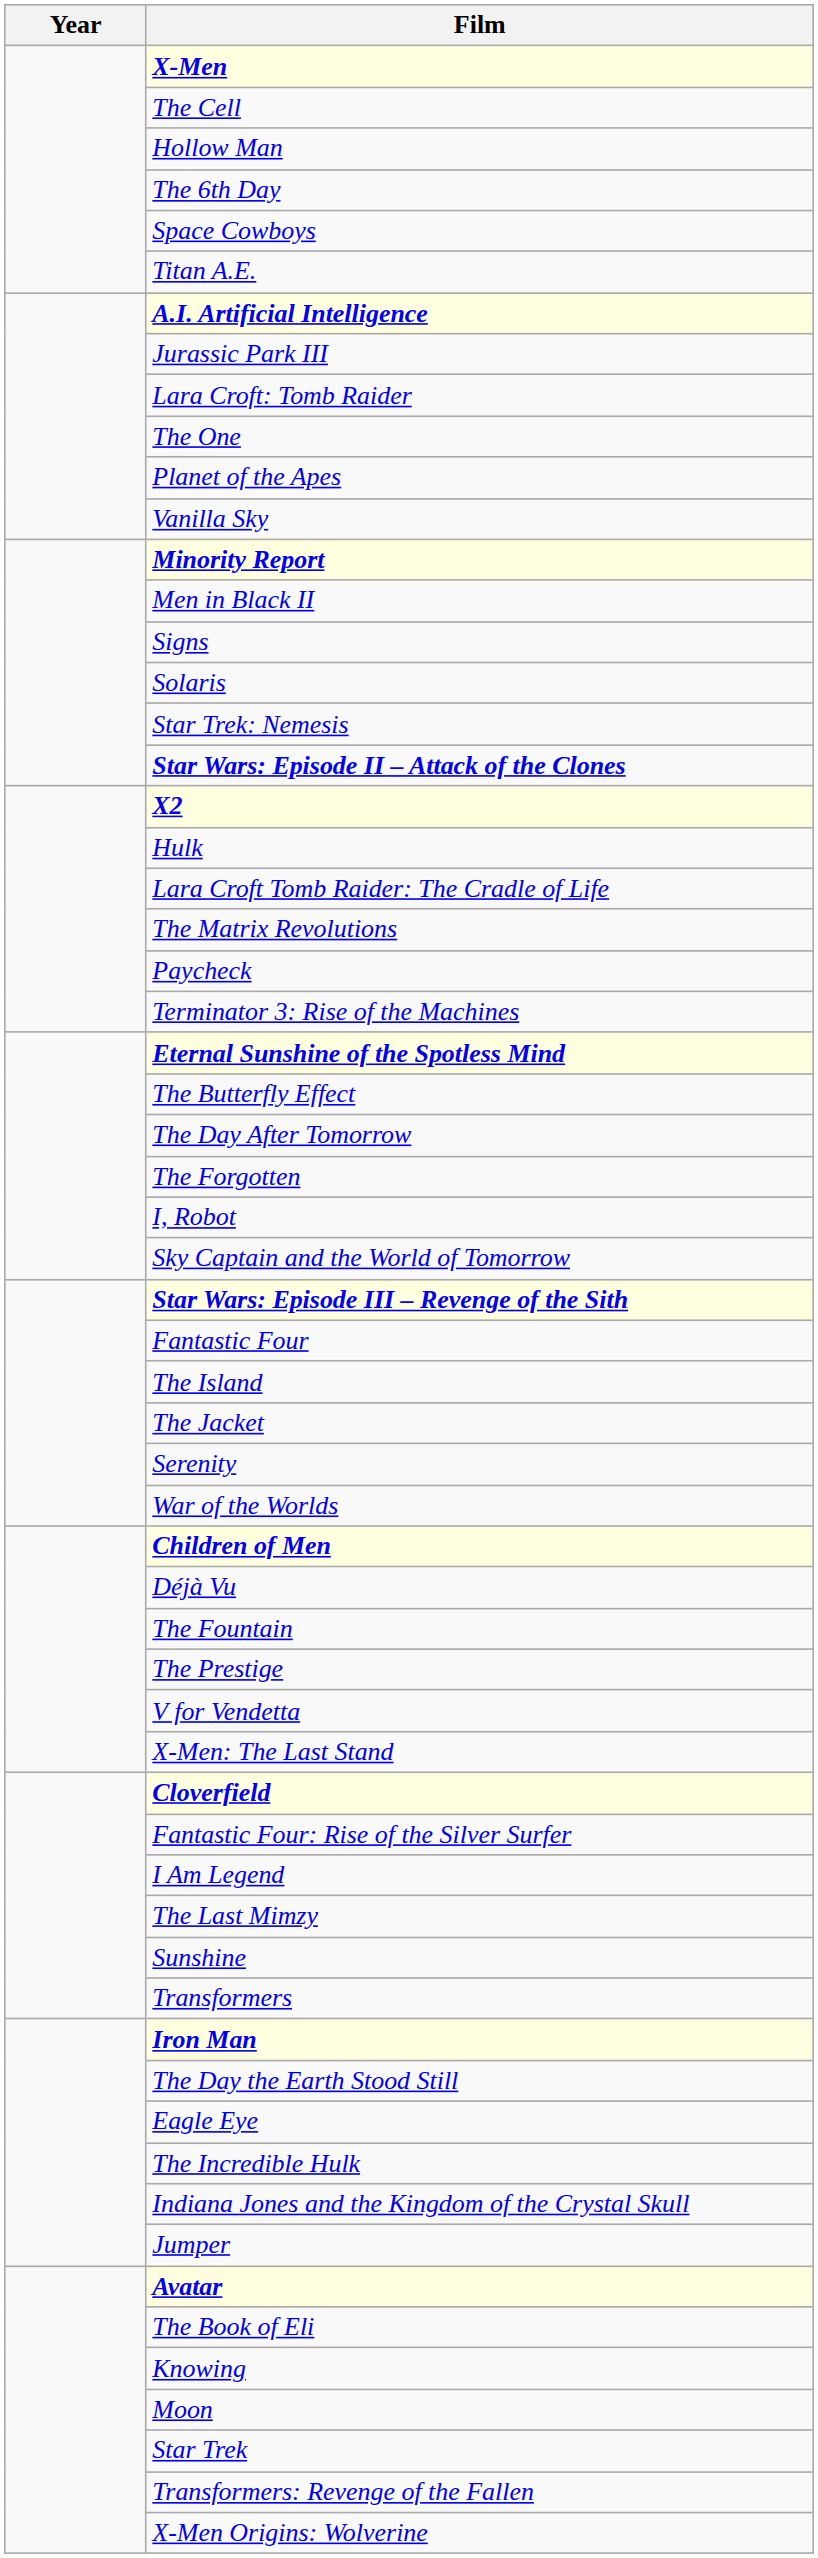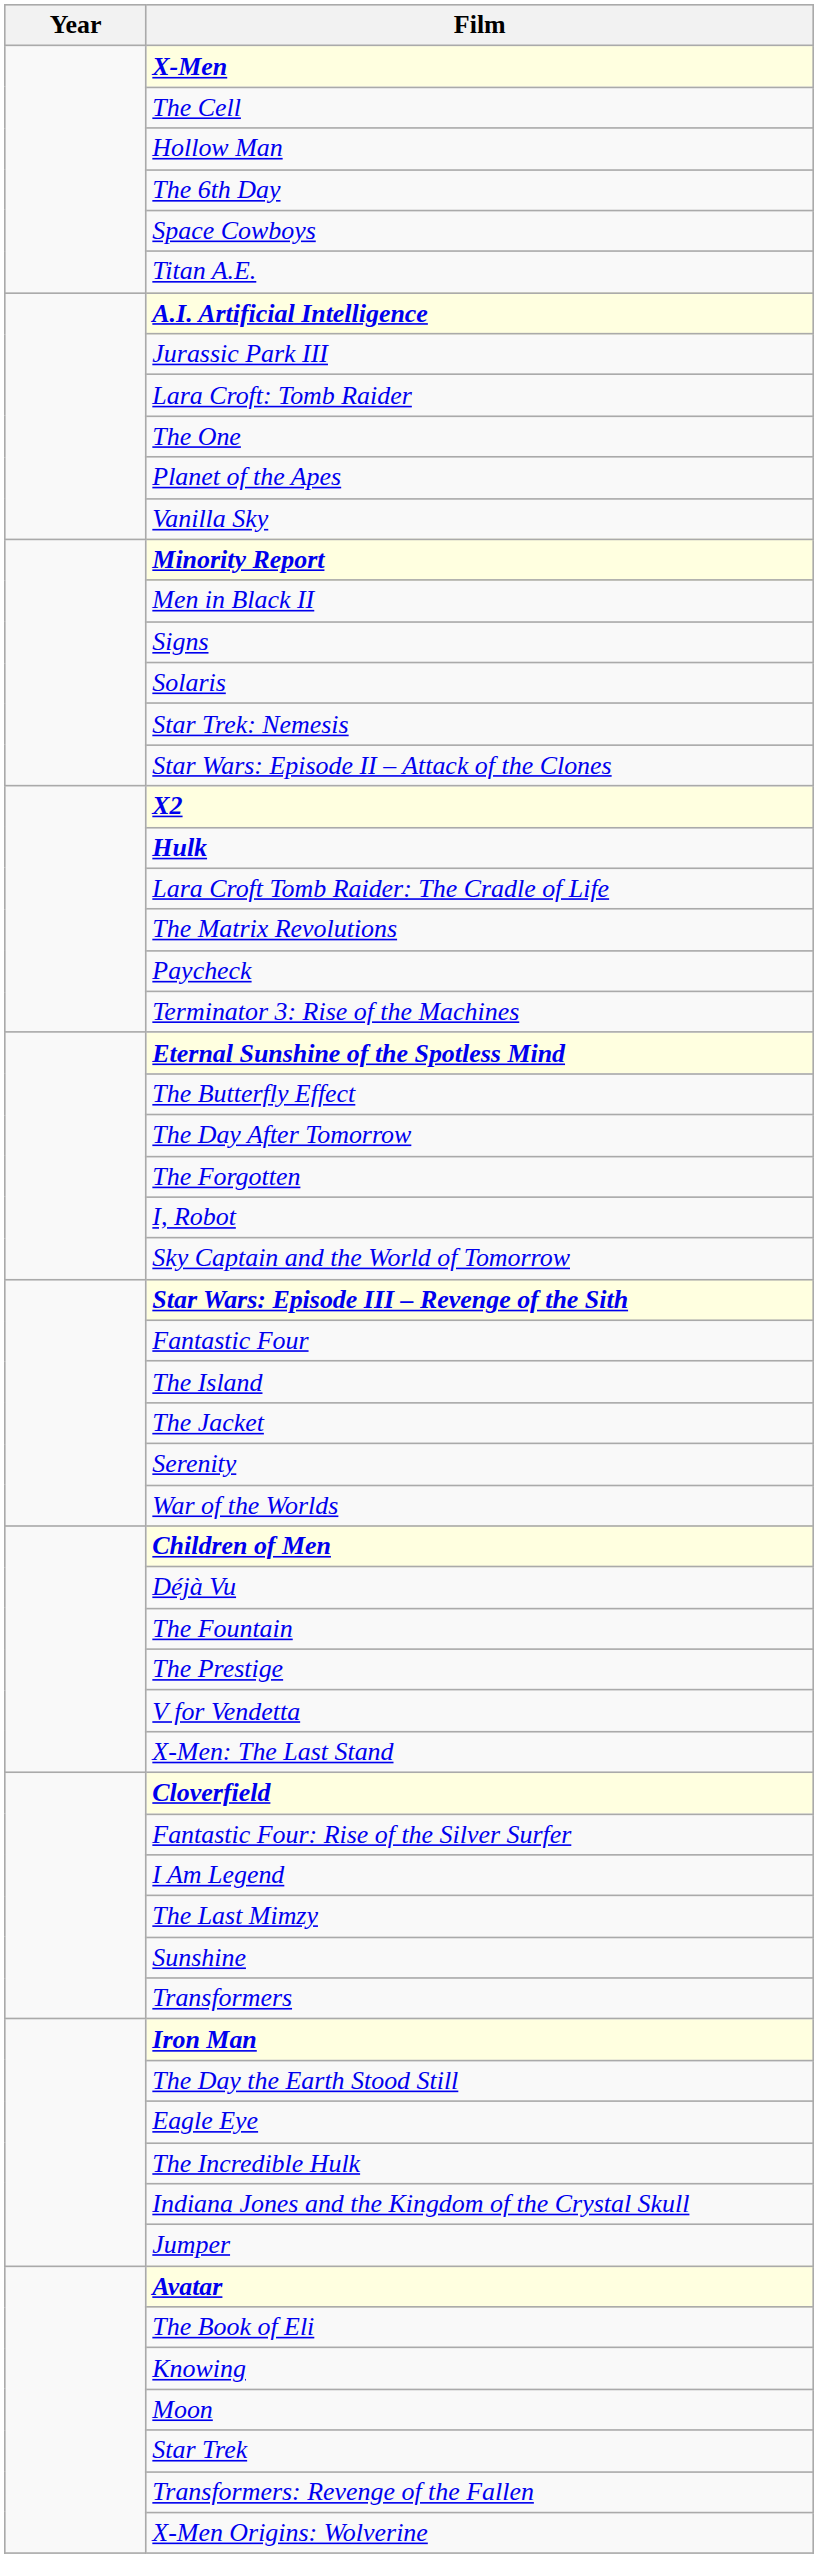 <table width="500" align="centre" class="wikitable">
 <tr>
 <th width="80">Year</th>
 <th>Film</th>
 </tr>
 <tr>
 <td rowspan=6></td>
 <td style="background:lightyellow"><strong><em><a href='#'>X-Men</a></em></strong></td>
 </tr>
 <tr>
 <td><em><a href='#'>The Cell</a></em></td>
 </tr>
 <tr>
 <td><em><a href='#'>Hollow Man</a></em></td>
 </tr>
 <tr>
 <td><em><a href='#'>The 6th Day</a></em></td>
 </tr>
 <tr>
 <td><em><a href='#'>Space Cowboys</a></em></td>
 </tr>
 <tr>
 <td><em><a href='#'>Titan A.E.</a></em></td>
 </tr>
 <tr>
 <td rowspan=6></td>
 <td style="background:lightyellow"><strong><em><a href='#'>A.I. Artificial Intelligence</a></em></strong></td>
 </tr>
 <tr>
 <td><em><a href='#'>Jurassic Park III</a></em></td>
 </tr>
 <tr>
 <td><em><a href='#'>Lara Croft: Tomb Raider</a></em></td>
 </tr>
 <tr>
 <td><em><a href='#'>The One</a></em></td>
 </tr>
 <tr>
 <td><em><a href='#'>Planet of the Apes</a></em></td>
 </tr>
 <tr>
 <td><em><a href='#'>Vanilla Sky</a></em></td>
 </tr>
 <tr>
 <td rowspan=6></td>
 <td style="background:lightyellow"><strong><em><a href='#'>Minority Report</a></em></strong></td>
 </tr>
 <tr>
 <td><em><a href='#'>Men in Black II</a></em></td>
 </tr>
 <tr>
 <td><em><a href='#'>Signs</a></em></td>
 </tr>
 <tr>
 <td><em><a href='#'>Solaris</a></em></td>
 </tr>
 <tr>
 <td><em><a href='#'>Star Trek: Nemesis</a></em></td>
 </tr>
 <tr>
-<td><strong><em><a href='#'>Star Wars: Episode II – Attack of the Clones</a></em></strong></td>
+<td><em><a href='#'>Star Wars: Episode II – Attack of the Clones</a></em></td>
 </tr>
 <tr>
 <td rowspan=6></td>
 <td style="background:lightyellow"><strong><em><a href='#'>X2</a></em></strong></td>
 </tr>
 <tr>
-<td><em><a href='#'>Hulk</a></em></td>
+<td><strong><em><a href='#'>Hulk</a></em></strong></td>
 </tr>
 <tr>
 <td><em><a href='#'>Lara Croft Tomb Raider: The Cradle of Life</a></em></td>
 </tr>
 <tr>
 <td><em><a href='#'>The Matrix Revolutions</a></em></td>
 </tr>
 <tr>
 <td><em><a href='#'>Paycheck</a></em></td>
 </tr>
 <tr>
 <td><em><a href='#'>Terminator 3: Rise of the Machines</a></em></td>
 </tr>
 <tr>
 <td rowspan=6></td>
 <td style="background:lightyellow"><strong><em><a href='#'>Eternal Sunshine of the Spotless Mind</a></em></strong></td>
 </tr>
 <tr>
 <td><em><a href='#'>The Butterfly Effect</a></em></td>
 </tr>
 <tr>
 <td><em><a href='#'>The Day After Tomorrow</a></em></td>
 </tr>
 <tr>
 <td><em><a href='#'>The Forgotten</a></em></td>
 </tr>
 <tr>
 <td><em><a href='#'>I, Robot</a></em></td>
 </tr>
 <tr>
 <td><em><a href='#'>Sky Captain and the World of Tomorrow</a></em></td>
 </tr>
 <tr>
 <td rowspan=6></td>
 <td style="background:lightyellow"><strong><em><a href='#'>Star Wars: Episode III – Revenge of the Sith</a></em></strong></td>
 </tr>
 <tr>
 <td><em><a href='#'>Fantastic Four</a></em></td>
 </tr>
 <tr>
 <td><em><a href='#'>The Island</a></em></td>
 </tr>
 <tr>
 <td><em><a href='#'>The Jacket</a></em></td>
 </tr>
 <tr>
 <td><em><a href='#'>Serenity</a></em></td>
 </tr>
 <tr>
 <td><em><a href='#'>War of the Worlds</a></em></td>
 </tr>
 <tr>
 <td rowspan=6></td>
 <td style="background:lightyellow"><strong><em><a href='#'>Children of Men</a></em></strong></td>
 </tr>
 <tr>
 <td><em><a href='#'>Déjà Vu</a></em></td>
 </tr>
 <tr>
 <td><em><a href='#'>The Fountain</a></em></td>
 </tr>
 <tr>
 <td><em><a href='#'>The Prestige</a></em></td>
 </tr>
 <tr>
 <td><em><a href='#'>V for Vendetta</a></em></td>
 </tr>
 <tr>
 <td><em><a href='#'>X-Men: The Last Stand</a></em></td>
 </tr>
 <tr>
 <td rowspan=6></td>
 <td style="background:lightyellow"><strong><em><a href='#'>Cloverfield</a></em></strong></td>
 </tr>
 <tr>
 <td><em><a href='#'>Fantastic Four: Rise of the Silver Surfer</a></em></td>
 </tr>
 <tr>
 <td><em><a href='#'>I Am Legend</a></em></td>
 </tr>
 <tr>
 <td><em><a href='#'>The Last Mimzy</a></em></td>
 </tr>
 <tr>
 <td><em><a href='#'>Sunshine</a></em></td>
 </tr>
 <tr>
 <td><em><a href='#'>Transformers</a></em></td>
 </tr>
 <tr>
 <td rowspan=6></td>
 <td style="background:lightyellow"><strong><em><a href='#'>Iron Man</a></em></strong></td>
 </tr>
 <tr>
 <td><em><a href='#'>The Day the Earth Stood Still</a></em></td>
 </tr>
 <tr>
 <td><em><a href='#'>Eagle Eye</a></em></td>
 </tr>
 <tr>
 <td><em><a href='#'>The Incredible Hulk</a></em></td>
 </tr>
 <tr>
 <td><em><a href='#'>Indiana Jones and the Kingdom of the Crystal Skull</a></em></td>
 </tr>
 <tr>
 <td><em><a href='#'>Jumper</a></em></td>
 </tr>
 <tr>
 <td rowspan=7></td>
 <td style="background:lightyellow"><strong><em><a href='#'>Avatar</a></em></strong></td>
 </tr>
 <tr>
 <td><em><a href='#'>The Book of Eli</a></em></td>
 </tr>
 <tr>
 <td><em><a href='#'>Knowing</a></em></td>
 </tr>
 <tr>
 <td><em><a href='#'>Moon</a></em></td>
 </tr>
 <tr>
 <td><em><a href='#'>Star Trek</a></em></td>
 </tr>
 <tr>
 <td><em><a href='#'>Transformers: Revenge of the Fallen</a></em></td>
 </tr>
 <tr>
 <td><em><a href='#'>X-Men Origins: Wolverine</a></em></td>
 </tr>
 </table>
